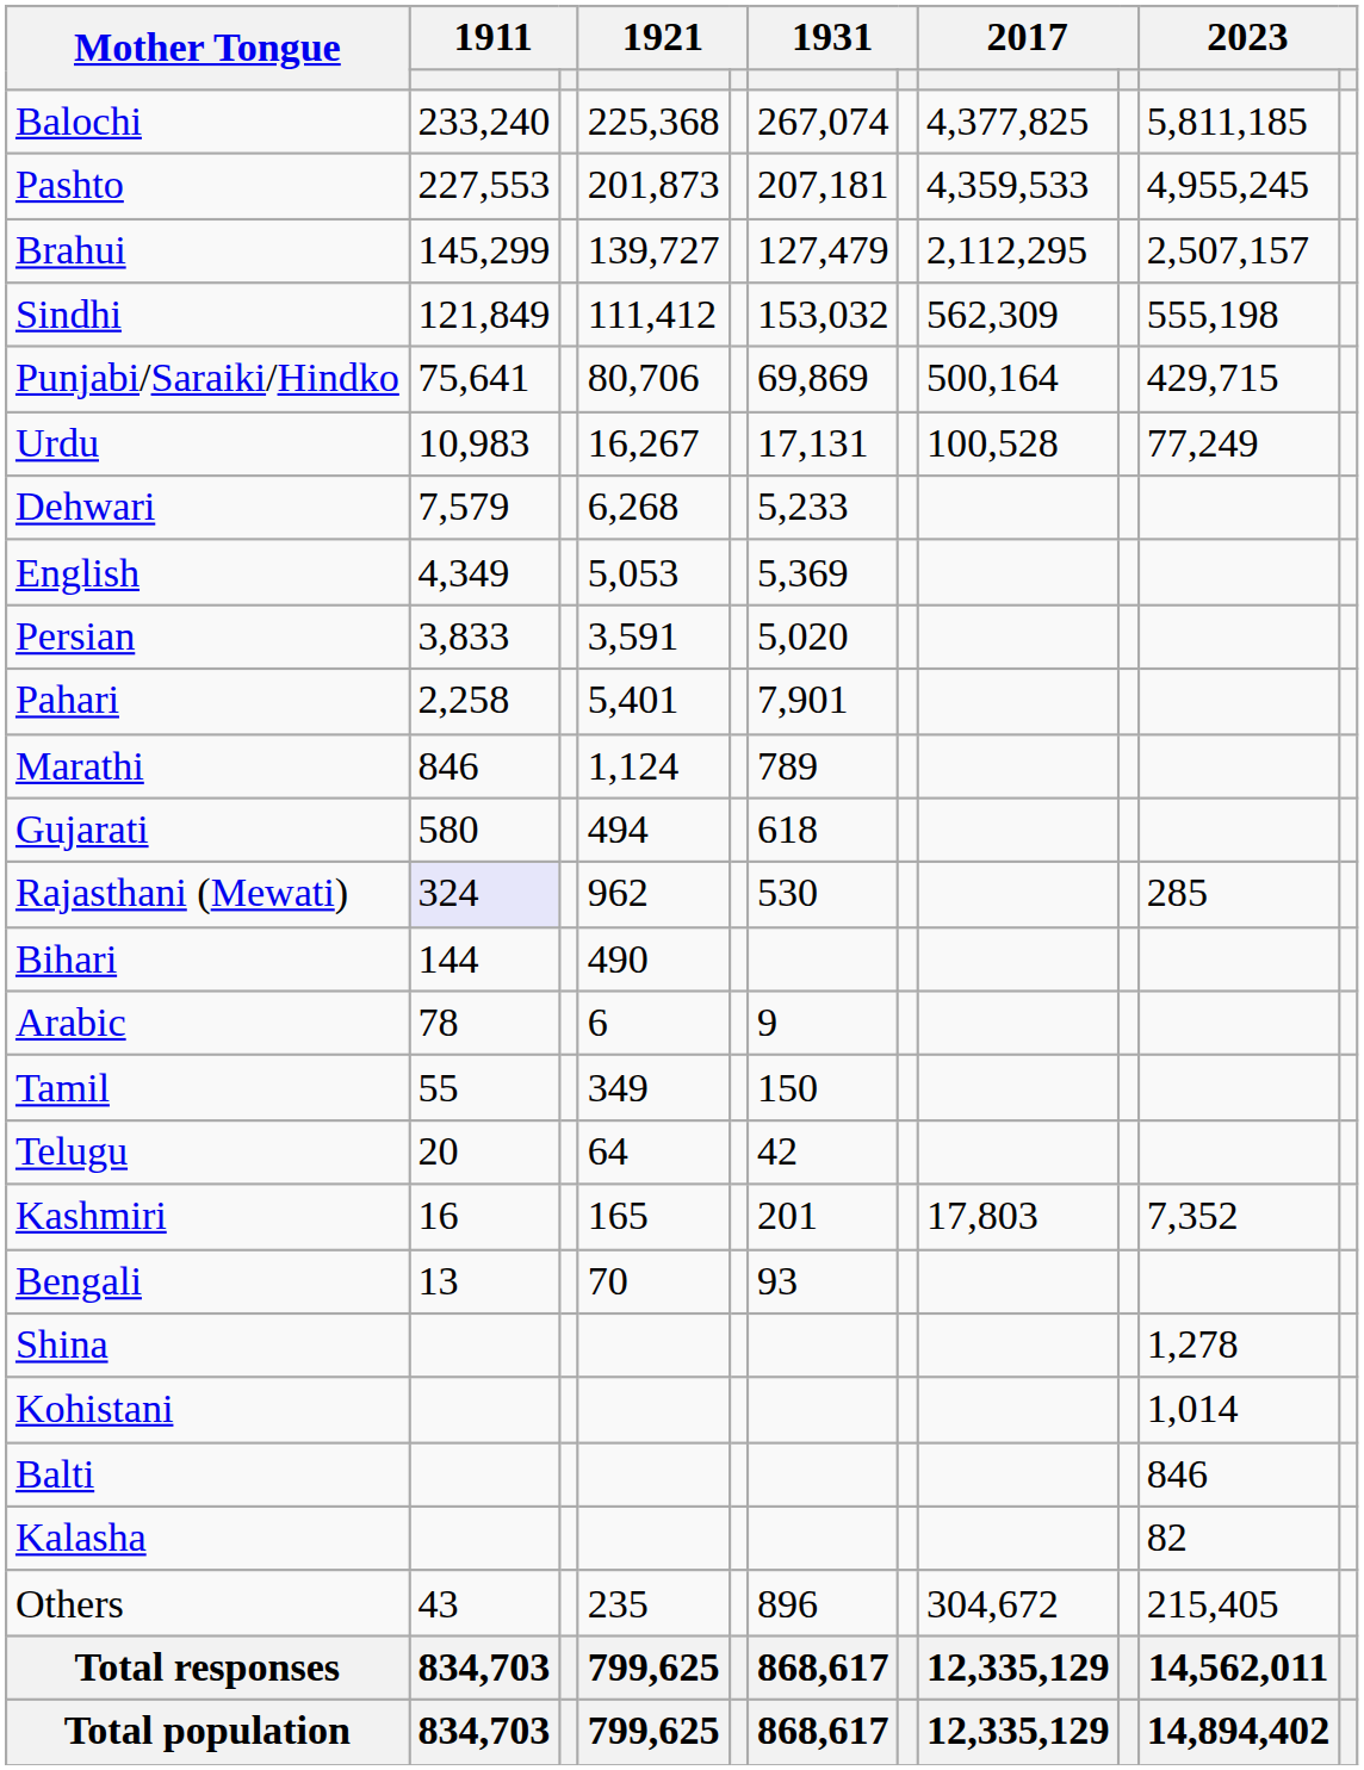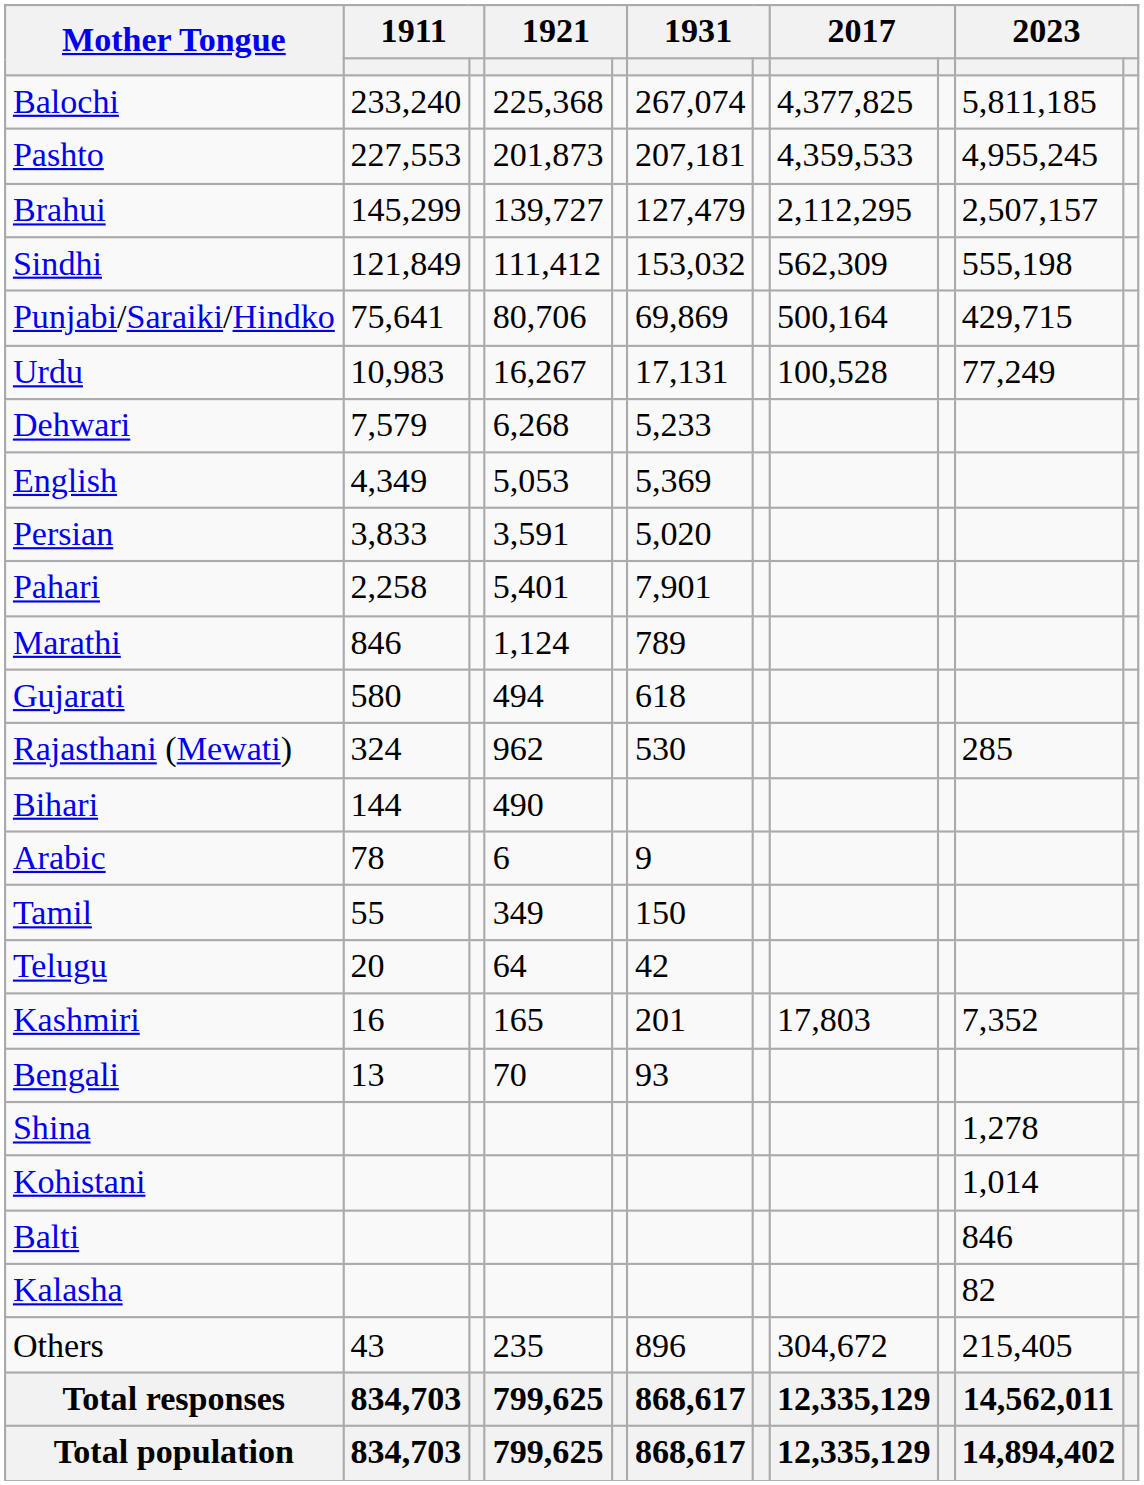 <table class="wikitable sortable">
 <tr>
 <th rowspan="2"><a href='#'>Mother Tongue</a></th>
 <th colspan="2">1911</th>
 <th colspan="2">1921</th>
 <th colspan="2">1931</th>
 <th colspan="2">2017</th>
 <th colspan="2">2023</th>
 </tr>
 <tr>
 <th><a href='#'></a></th>
 <th></th>
 <th></th>
 <th></th>
 <th></th>
 <th></th>
 <th></th>
 <th></th>
 <th></th>
 <th></th>
 </tr>
 <tr>
 <td><a href='#'>Balochi</a></td>
 <td>233,240</td>
 <td></td>
 <td>225,368</td>
 <td></td>
 <td>267,074</td>
 <td></td>
 <td>4,377,825</td>
 <td></td>
 <td>5,811,185</td>
 <td></td>
 </tr>
 <tr>
 <td><a href='#'>Pashto</a></td>
 <td>227,553</td>
 <td></td>
 <td>201,873</td>
 <td></td>
 <td>207,181</td>
 <td></td>
 <td>4,359,533</td>
 <td></td>
 <td>4,955,245</td>
 <td></td>
 </tr>
 <tr>
 <td><a href='#'>Brahui</a></td>
 <td>145,299</td>
 <td></td>
 <td>139,727</td>
 <td></td>
 <td>127,479</td>
 <td></td>
 <td>2,112,295</td>
 <td></td>
 <td>2,507,157</td>
 <td></td>
 </tr>
 <tr>
 <td><a href='#'>Sindhi</a></td>
 <td>121,849</td>
 <td></td>
 <td>111,412</td>
 <td></td>
 <td>153,032</td>
 <td></td>
 <td>562,309</td>
 <td></td>
 <td>555,198</td>
 <td></td>
 </tr>
 <tr>
 <td><a href='#'>Punjabi</a>/<a href='#'>Saraiki</a>/<a href='#'>Hindko</a></td>
 <td>75,641</td>
 <td></td>
 <td>80,706</td>
 <td></td>
 <td>69,869</td>
 <td></td>
 <td>500,164</td>
 <td></td>
 <td>429,715</td>
 <td></td>
 </tr>
 <tr>
 <td><a href='#'>Urdu</a></td>
 <td>10,983</td>
 <td></td>
 <td>16,267</td>
 <td></td>
 <td>17,131</td>
 <td></td>
 <td>100,528</td>
 <td></td>
 <td>77,249</td>
 <td></td>
 </tr>
 <tr>
 <td><a href='#'>Dehwari</a></td>
 <td>7,579</td>
 <td></td>
 <td>6,268</td>
 <td></td>
 <td>5,233</td>
 <td></td>
 <td></td>
 <td></td>
 <td></td>
 <td></td>
 </tr>
 <tr>
 <td><a href='#'>English</a></td>
 <td>4,349</td>
 <td></td>
 <td>5,053</td>
 <td></td>
 <td>5,369</td>
 <td></td>
 <td></td>
 <td></td>
 <td></td>
 <td></td>
 </tr>
 <tr>
 <td><a href='#'>Persian</a></td>
 <td>3,833</td>
 <td></td>
 <td>3,591</td>
 <td></td>
 <td>5,020</td>
 <td></td>
 <td></td>
 <td></td>
 <td></td>
 <td></td>
 </tr>
 <tr>
 <td><a href='#'>Pahari</a></td>
 <td>2,258</td>
 <td></td>
 <td>5,401</td>
 <td></td>
 <td>7,901</td>
 <td></td>
 <td></td>
 <td></td>
 <td></td>
 <td></td>
 </tr>
 <tr>
 <td><a href='#'>Marathi</a></td>
 <td>846</td>
 <td></td>
 <td>1,124</td>
 <td></td>
 <td>789</td>
 <td></td>
 <td></td>
 <td></td>
 <td></td>
 <td></td>
 </tr>
 <tr>
 <td><a href='#'>Gujarati</a></td>
 <td>580</td>
 <td></td>
 <td>494</td>
 <td></td>
 <td>618</td>
 <td></td>
 <td></td>
 <td></td>
 <td></td>
 <td></td>
 </tr>
 <tr>
 <td><a href='#'>Rajasthani</a> (<a href='#'>Mewati</a>)</td>
-<td style="background: lavender;">324</td>
+<td>324</td>
 <td></td>
 <td>962</td>
 <td></td>
 <td>530</td>
 <td></td>
 <td></td>
 <td></td>
 <td>285</td>
 <td></td>
 </tr>
 <tr>
 <td><a href='#'>Bihari</a></td>
 <td>144</td>
 <td></td>
 <td>490</td>
 <td></td>
 <td></td>
 <td></td>
 <td></td>
 <td></td>
 <td></td>
 <td></td>
 </tr>
 <tr>
 <td><a href='#'>Arabic</a></td>
 <td>78</td>
 <td></td>
 <td>6</td>
 <td></td>
 <td>9</td>
 <td></td>
 <td></td>
 <td></td>
 <td></td>
 <td></td>
 </tr>
 <tr>
 <td><a href='#'>Tamil</a></td>
 <td>55</td>
 <td></td>
 <td>349</td>
 <td></td>
 <td>150</td>
 <td></td>
 <td></td>
 <td></td>
 <td></td>
 <td></td>
 </tr>
 <tr>
 <td><a href='#'>Telugu</a></td>
 <td>20</td>
 <td></td>
 <td>64</td>
 <td></td>
 <td>42</td>
 <td></td>
 <td></td>
 <td></td>
 <td></td>
 <td></td>
 </tr>
 <tr>
 <td><a href='#'>Kashmiri</a></td>
 <td>16</td>
 <td></td>
 <td>165</td>
 <td></td>
 <td>201</td>
 <td></td>
 <td>17,803</td>
 <td></td>
 <td>7,352</td>
 <td></td>
 </tr>
 <tr>
 <td><a href='#'>Bengali</a></td>
 <td>13</td>
 <td></td>
 <td>70</td>
 <td></td>
 <td>93</td>
 <td></td>
 <td></td>
 <td></td>
 <td></td>
 <td></td>
 </tr>
 <tr>
 <td><a href='#'>Shina</a></td>
 <td></td>
 <td></td>
 <td></td>
 <td></td>
 <td></td>
 <td></td>
 <td></td>
 <td></td>
 <td>1,278</td>
 <td></td>
 </tr>
 <tr>
 <td><a href='#'>Kohistani</a></td>
 <td></td>
 <td></td>
 <td></td>
 <td></td>
 <td></td>
 <td></td>
 <td></td>
 <td></td>
 <td>1,014</td>
 <td></td>
 </tr>
 <tr>
 <td><a href='#'>Balti</a></td>
 <td></td>
 <td></td>
 <td></td>
 <td></td>
 <td></td>
 <td></td>
 <td></td>
 <td></td>
 <td>846</td>
 <td></td>
 </tr>
 <tr>
 <td><a href='#'>Kalasha</a></td>
 <td></td>
 <td></td>
 <td></td>
 <td></td>
 <td></td>
 <td></td>
 <td></td>
 <td></td>
 <td>82</td>
 <td></td>
 </tr>
 <tr>
 <td>Others</td>
 <td>43</td>
 <td></td>
 <td>235</td>
 <td></td>
 <td>896</td>
 <td></td>
 <td>304,672</td>
 <td></td>
 <td>215,405</td>
 <td></td>
 </tr>
 <tr>
 <th>Total responses</th>
 <th>834,703</th>
 <th></th>
 <th>799,625</th>
 <th></th>
 <th>868,617</th>
 <th></th>
 <th>12,335,129</th>
 <th></th>
 <th>14,562,011</th>
 <th></th>
 </tr>
 <tr>
 <th>Total population</th>
 <th>834,703</th>
 <th></th>
 <th>799,625</th>
 <th></th>
 <th>868,617</th>
 <th></th>
 <th>12,335,129</th>
 <th></th>
 <th>14,894,402</th>
 <th></th>
 </tr>
 </table>
